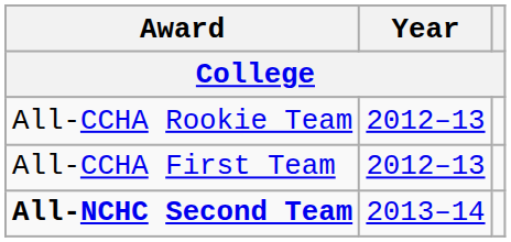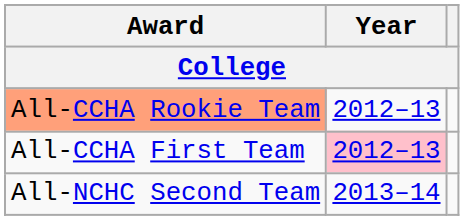 <table class="wikitable">
 <tr>
 <th>Award</th>
 <th>Year</th>
 <th></th>
 </tr>
 <tr>
 <th colspan="3"><a href='#'>College</a></th>
 </tr>
 <tr>
-<td>All-<a href='#'>CCHA</a> <a href='#'>Rookie Team</a></td>
+<td style="background: lightsalmon;">All-<a href='#'>CCHA</a> <a href='#'>Rookie Team</a></td>
 <td><a href='#'>2012–13</a></td>
 <td></td>
 </tr>
 <tr>
 <td>All-<a href='#'>CCHA</a> <a href='#'>First Team</a></td>
-<td><a href='#'>2012–13</a></td>
+<td style="background: pink;"><a href='#'>2012–13</a></td>
 <td></td>
 </tr>
 <tr>
-<td><strong>All-<a href='#'>NCHC</a> <a href='#'>Second Team</a></strong></td>
+<td>All-<a href='#'>NCHC</a> <a href='#'>Second Team</a></td>
 <td><a href='#'>2013–14</a></td>
 <td></td>
 </tr>
 </table>
